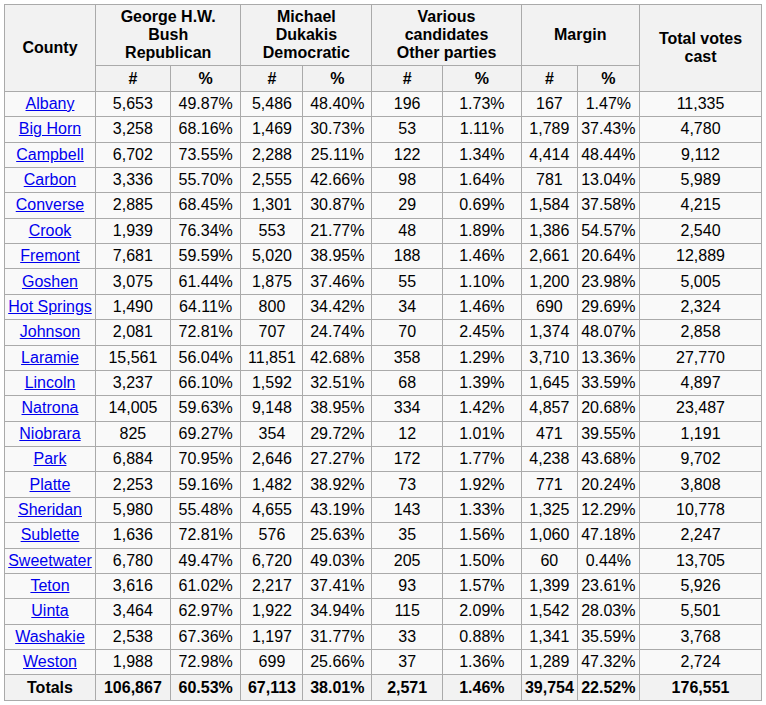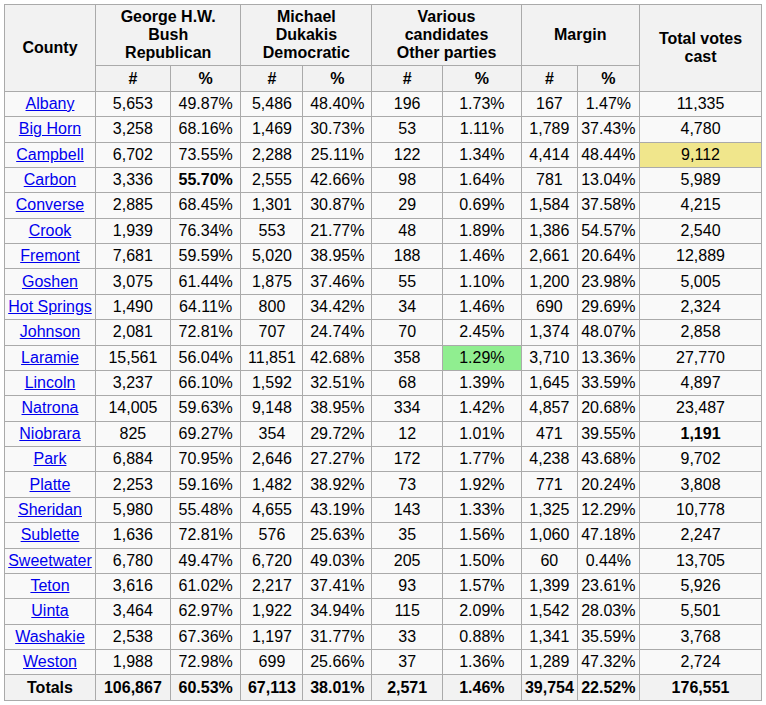 <table width="60%" class="wikitable sortable">
 <tr>
 <th rowspan="2">County</th>
 <th colspan="2">George H.W. Bush<br>Republican</th>
 <th colspan="2">Michael Dukakis<br>Democratic</th>
 <th colspan="2">Various candidates<br>Other parties</th>
 <th colspan="2">Margin</th>
 <th rowspan="2">Total votes cast</th>
 </tr>
 <tr bgcolor="lightgrey">
 <th data-sort-type="number">#</th>
 <th data-sort-type="number">%</th>
 <th data-sort-type="number">#</th>
 <th data-sort-type="number">%</th>
 <th data-sort-type="number">#</th>
 <th data-sort-type="number">%</th>
 <th data-sort-type="number">#</th>
 <th data-sort-type="number">%</th>
 </tr>
 <tr style="text-align:center;">
 <td><a href='#'>Albany</a></td>
 <td>5,653</td>
 <td>49.87%</td>
 <td>5,486</td>
 <td>48.40%</td>
 <td>196</td>
 <td>1.73%</td>
 <td>167</td>
 <td>1.47%</td>
 <td>11,335</td>
 </tr>
 <tr style="text-align:center;">
 <td><a href='#'>Big Horn</a></td>
 <td>3,258</td>
 <td>68.16%</td>
 <td>1,469</td>
 <td>30.73%</td>
 <td>53</td>
 <td>1.11%</td>
 <td>1,789</td>
 <td>37.43%</td>
 <td>4,780</td>
 </tr>
 <tr style="text-align:center;">
 <td><a href='#'>Campbell</a></td>
 <td>6,702</td>
 <td>73.55%</td>
 <td>2,288</td>
 <td>25.11%</td>
 <td>122</td>
 <td>1.34%</td>
 <td>4,414</td>
 <td>48.44%</td>
-<td>9,112</td>
+<td style="background: khaki;">9,112</td>
 </tr>
 <tr style="text-align:center;">
 <td><a href='#'>Carbon</a></td>
 <td>3,336</td>
-<td>55.70%</td>
+<td><strong>55.70%</strong></td>
 <td>2,555</td>
 <td>42.66%</td>
 <td>98</td>
 <td>1.64%</td>
 <td>781</td>
 <td>13.04%</td>
 <td>5,989</td>
 </tr>
 <tr style="text-align:center;">
 <td><a href='#'>Converse</a></td>
 <td>2,885</td>
 <td>68.45%</td>
 <td>1,301</td>
 <td>30.87%</td>
 <td>29</td>
 <td>0.69%</td>
 <td>1,584</td>
 <td>37.58%</td>
 <td>4,215</td>
 </tr>
 <tr style="text-align:center;">
 <td><a href='#'>Crook</a></td>
 <td>1,939</td>
 <td>76.34%</td>
 <td>553</td>
 <td>21.77%</td>
 <td>48</td>
 <td>1.89%</td>
 <td>1,386</td>
 <td>54.57%</td>
 <td>2,540</td>
 </tr>
 <tr style="text-align:center;">
 <td><a href='#'>Fremont</a></td>
 <td>7,681</td>
 <td>59.59%</td>
 <td>5,020</td>
 <td>38.95%</td>
 <td>188</td>
 <td>1.46%</td>
 <td>2,661</td>
 <td>20.64%</td>
 <td>12,889</td>
 </tr>
 <tr style="text-align:center;">
 <td><a href='#'>Goshen</a></td>
 <td>3,075</td>
 <td>61.44%</td>
 <td>1,875</td>
 <td>37.46%</td>
 <td>55</td>
 <td>1.10%</td>
 <td>1,200</td>
 <td>23.98%</td>
 <td>5,005</td>
 </tr>
 <tr style="text-align:center;">
 <td><a href='#'>Hot Springs</a></td>
 <td>1,490</td>
 <td>64.11%</td>
 <td>800</td>
 <td>34.42%</td>
 <td>34</td>
 <td>1.46%</td>
 <td>690</td>
 <td>29.69%</td>
 <td>2,324</td>
 </tr>
 <tr style="text-align:center;">
 <td><a href='#'>Johnson</a></td>
 <td>2,081</td>
 <td>72.81%</td>
 <td>707</td>
 <td>24.74%</td>
 <td>70</td>
 <td>2.45%</td>
 <td>1,374</td>
 <td>48.07%</td>
 <td>2,858</td>
 </tr>
 <tr style="text-align:center;">
 <td><a href='#'>Laramie</a></td>
 <td>15,561</td>
 <td>56.04%</td>
 <td>11,851</td>
 <td>42.68%</td>
 <td>358</td>
-<td>1.29%</td>
+<td style="background: lightgreen;">1.29%</td>
 <td>3,710</td>
 <td>13.36%</td>
 <td>27,770</td>
 </tr>
 <tr style="text-align:center;">
 <td><a href='#'>Lincoln</a></td>
 <td>3,237</td>
 <td>66.10%</td>
 <td>1,592</td>
 <td>32.51%</td>
 <td>68</td>
 <td>1.39%</td>
 <td>1,645</td>
 <td>33.59%</td>
 <td>4,897</td>
 </tr>
 <tr style="text-align:center;">
 <td><a href='#'>Natrona</a></td>
 <td>14,005</td>
 <td>59.63%</td>
 <td>9,148</td>
 <td>38.95%</td>
 <td>334</td>
 <td>1.42%</td>
 <td>4,857</td>
 <td>20.68%</td>
 <td>23,487</td>
 </tr>
 <tr style="text-align:center;">
 <td><a href='#'>Niobrara</a></td>
 <td>825</td>
 <td>69.27%</td>
 <td>354</td>
 <td>29.72%</td>
 <td>12</td>
 <td>1.01%</td>
 <td>471</td>
 <td>39.55%</td>
-<td>1,191</td>
+<td><strong>1,191</strong></td>
 </tr>
 <tr style="text-align:center;">
 <td><a href='#'>Park</a></td>
 <td>6,884</td>
 <td>70.95%</td>
 <td>2,646</td>
 <td>27.27%</td>
 <td>172</td>
 <td>1.77%</td>
 <td>4,238</td>
 <td>43.68%</td>
 <td>9,702</td>
 </tr>
 <tr style="text-align:center;">
 <td><a href='#'>Platte</a></td>
 <td>2,253</td>
 <td>59.16%</td>
 <td>1,482</td>
 <td>38.92%</td>
 <td>73</td>
 <td>1.92%</td>
 <td>771</td>
 <td>20.24%</td>
 <td>3,808</td>
 </tr>
 <tr style="text-align:center;">
 <td><a href='#'>Sheridan</a></td>
 <td>5,980</td>
 <td>55.48%</td>
 <td>4,655</td>
 <td>43.19%</td>
 <td>143</td>
 <td>1.33%</td>
 <td>1,325</td>
 <td>12.29%</td>
 <td>10,778</td>
 </tr>
 <tr style="text-align:center;">
 <td><a href='#'>Sublette</a></td>
 <td>1,636</td>
 <td>72.81%</td>
 <td>576</td>
 <td>25.63%</td>
 <td>35</td>
 <td>1.56%</td>
 <td>1,060</td>
 <td>47.18%</td>
 <td>2,247</td>
 </tr>
 <tr style="text-align:center;">
 <td><a href='#'>Sweetwater</a></td>
 <td>6,780</td>
 <td>49.47%</td>
 <td>6,720</td>
 <td>49.03%</td>
 <td>205</td>
 <td>1.50%</td>
 <td>60</td>
 <td>0.44%</td>
 <td>13,705</td>
 </tr>
 <tr style="text-align:center;">
 <td><a href='#'>Teton</a></td>
 <td>3,616</td>
 <td>61.02%</td>
 <td>2,217</td>
 <td>37.41%</td>
 <td>93</td>
 <td>1.57%</td>
 <td>1,399</td>
 <td>23.61%</td>
 <td>5,926</td>
 </tr>
 <tr style="text-align:center;">
 <td><a href='#'>Uinta</a></td>
 <td>3,464</td>
 <td>62.97%</td>
 <td>1,922</td>
 <td>34.94%</td>
 <td>115</td>
 <td>2.09%</td>
 <td>1,542</td>
 <td>28.03%</td>
 <td>5,501</td>
 </tr>
 <tr style="text-align:center;">
 <td><a href='#'>Washakie</a></td>
 <td>2,538</td>
 <td>67.36%</td>
 <td>1,197</td>
 <td>31.77%</td>
 <td>33</td>
 <td>0.88%</td>
 <td>1,341</td>
 <td>35.59%</td>
 <td>3,768</td>
 </tr>
 <tr style="text-align:center;">
 <td><a href='#'>Weston</a></td>
 <td>1,988</td>
 <td>72.98%</td>
 <td>699</td>
 <td>25.66%</td>
 <td>37</td>
 <td>1.36%</td>
 <td>1,289</td>
 <td>47.32%</td>
 <td>2,724</td>
 </tr>
 <tr style="text-align:center;">
 <th>Totals</th>
 <th>106,867</th>
 <th>60.53%</th>
 <th>67,113</th>
 <th>38.01%</th>
 <th>2,571</th>
 <th>1.46%</th>
 <th>39,754</th>
 <th>22.52%</th>
 <th>176,551</th>
 </tr>
 </table>
